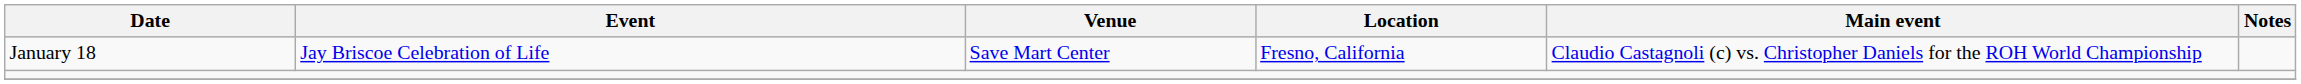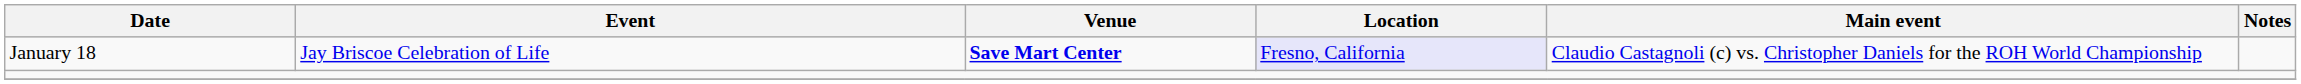 <table class="sortable wikitable succession-box" style="font-size:85%;">
 <tr>
 <th width=13%>Date</th>
 <th width="30%">Event</th>
 <th width=13%>Venue</th>
 <th width=13%>Location</th>
 <th width=50%>Main event</th>
 <th width=13%>Notes</th>
 </tr>
 <tr>
 <td>January 18<br></td>
 <td><a href='#'>Jay Briscoe Celebration of Life</a></td>
-<td><a href='#'>Save Mart Center</a></td>
-<td><a href='#'>Fresno, California</a></td>
+<td><strong><a href='#'>Save Mart Center</a></strong></td>
+<td style="background: lavender;"><a href='#'>Fresno, California</a></td>
 <td><a href='#'>Claudio Castagnoli</a> (c) vs. <a href='#'>Christopher Daniels</a> for the <a href='#'>ROH World Championship</a></td>
 <td></td>
 </tr>
 <tr>
 <td colspan="7"></td>
 </tr>
 <tr>
 </tr>
 </table>
